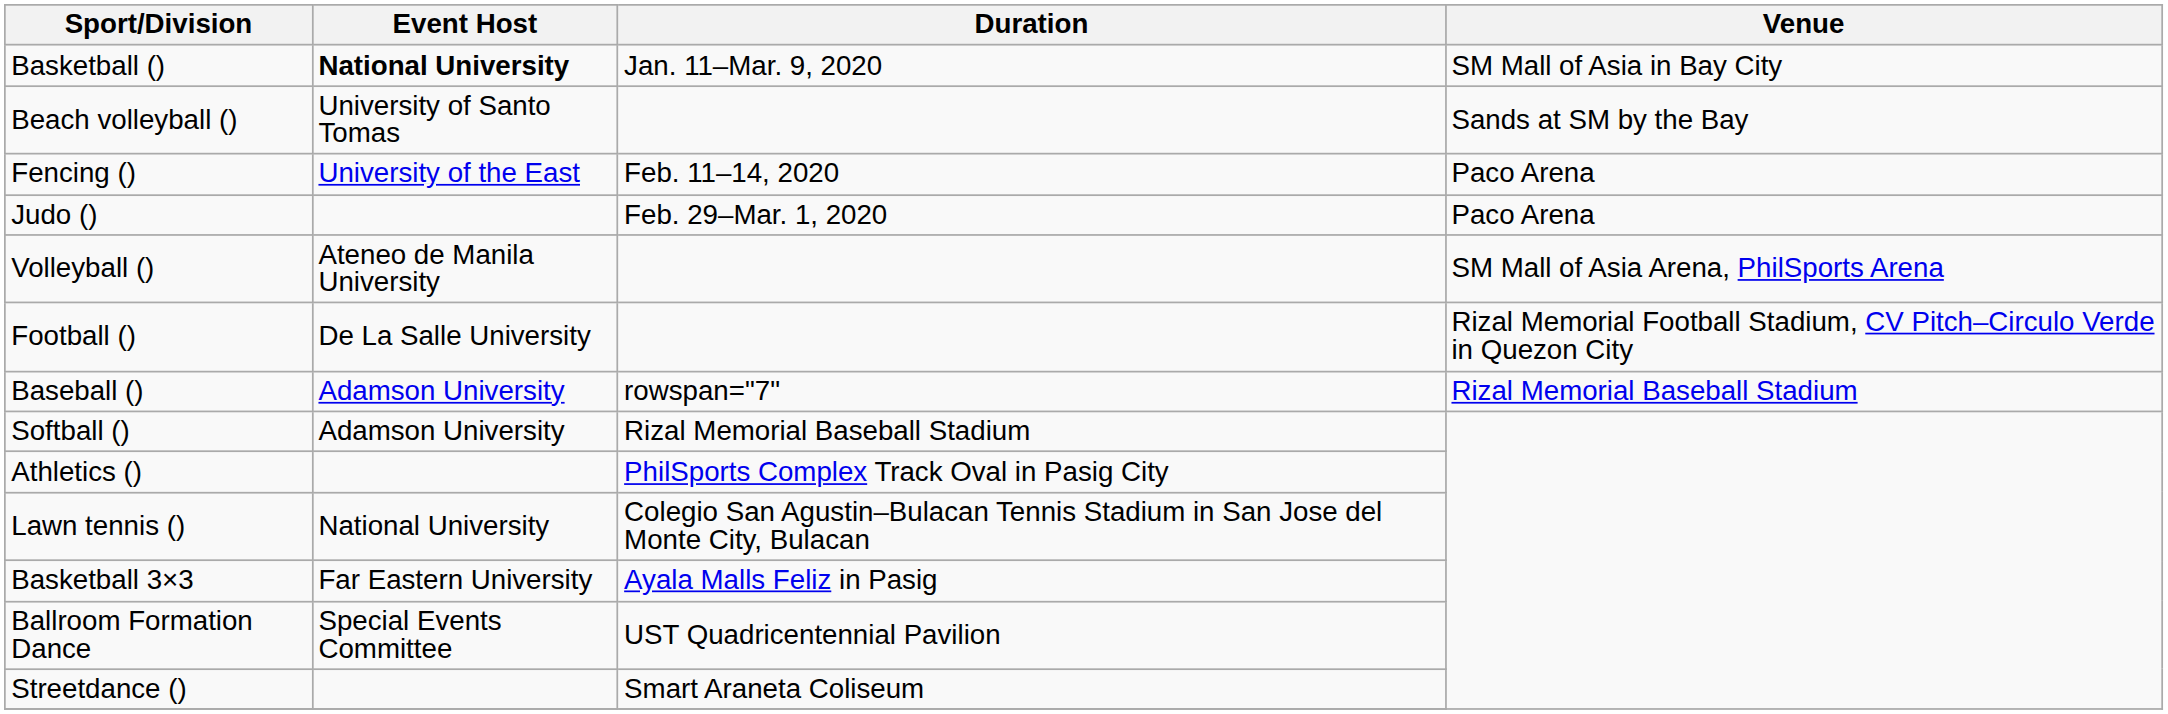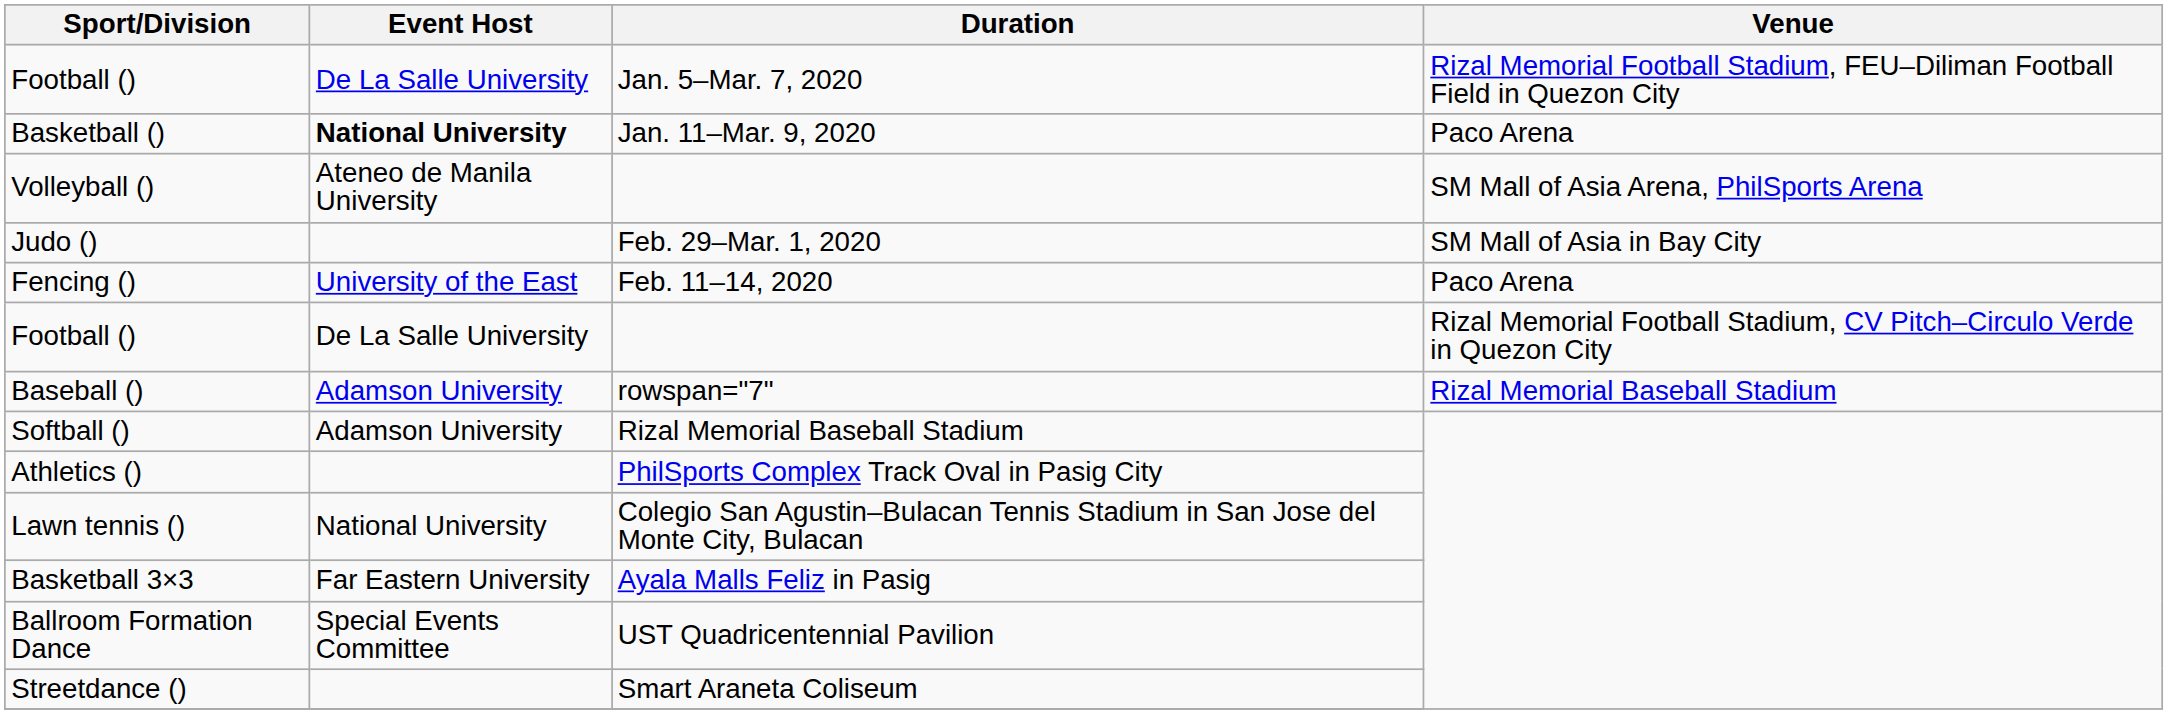 <table class="wikitable" style="text-align:left; line-height:16px; width:auto;">
 <tr>
 <th>Sport/Division</th>
 <th>Event Host</th>
 <th>Duration</th>
 <th>Venue</th>
 </tr>
 <tr>
+<td> Football ()</td>
+<td><a href='#'>De La Salle University</a></td>
+<td>Jan. 5–Mar. 7, 2020</td>
+<td><a href='#'>Rizal Memorial Football Stadium</a>, FEU–Diliman Football Field in Quezon City</td>
+</tr>
+<tr>
 <td> Basketball ()</td>
 <td><strong>National University</strong></td>
 <td>Jan. 11–Mar. 9, 2020</td>
-<td>SM Mall of Asia in Bay City</td>
-</tr>
-<tr>
-<td> Beach volleyball ()</td>
-<td>University of Santo Tomas</td>
-<td></td>
-<td>Sands at SM by the Bay</td>
-</tr>
-<tr>
-<td> Fencing ()</td>
-<td><a href='#'>University of the East</a></td>
-<td>Feb. 11–14, 2020</td>
-<td>Paco Arena</td>
-</tr>
-<tr>
-<td> Judo ()</td>
-<td></td>
-<td>Feb. 29–Mar. 1, 2020</td>
 <td>Paco Arena</td>
 </tr>
 <tr>
 <td> Volleyball ()</td>
 <td>Ateneo de Manila University</td>
 <td></td>
 <td>SM Mall of Asia Arena, <a href='#'>PhilSports Arena</a></td>
+</tr>
+<tr>
+<td> Judo ()</td>
+<td></td>
+<td>Feb. 29–Mar. 1, 2020</td>
+<td>SM Mall of Asia in Bay City</td>
+</tr>
+<tr>
+<td> Fencing ()</td>
+<td><a href='#'>University of the East</a></td>
+<td>Feb. 11–14, 2020</td>
+<td>Paco Arena</td>
 </tr>
 <tr>
 <td> Football ()</td>
 <td>De La Salle University</td>
 <td></td>
 <td>Rizal Memorial Football Stadium, <a href='#'>CV Pitch–Circulo Verde</a> in Quezon City</td>
 </tr>
 <tr>
 <td> Baseball ()</td>
 <td><a href='#'>Adamson University</a></td>
 <td>rowspan="7" </td>
 <td><a href='#'>Rizal Memorial Baseball Stadium</a></td>
 </tr>
 <tr>
 <td> Softball ()</td>
 <td>Adamson University</td>
 <td>Rizal Memorial Baseball Stadium</td>
 </tr>
 <tr>
 <td> Athletics ()</td>
 <td></td>
 <td><a href='#'>PhilSports Complex</a> Track Oval in Pasig City</td>
 </tr>
 <tr>
 <td> Lawn tennis ()</td>
 <td>National University</td>
 <td>Colegio San Agustin–Bulacan Tennis Stadium in San Jose del Monte City, Bulacan</td>
 </tr>
 <tr>
 <td> Basketball 3×3 </td>
 <td>Far Eastern University</td>
 <td><a href='#'>Ayala Malls Feliz</a> in Pasig</td>
 </tr>
 <tr>
 <td> Ballroom Formation Dance</td>
 <td>Special Events Committee</td>
 <td>UST Quadricentennial Pavilion</td>
 </tr>
 <tr>
 <td> Streetdance ()</td>
 <td></td>
 <td>Smart Araneta Coliseum</td>
 </tr>
 <tr>
 </tr>
 </table>
